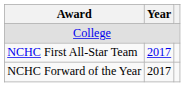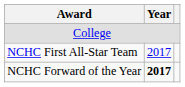 <table class="wikitable">
 <tr>
 <th>Award</th>
 <th>Year</th>
 <th></th>
 </tr>
 <tr ALIGN="center" bgcolor="#e0e0e0">
 <td colspan="3"><a href='#'>College</a></td>
 </tr>
 <tr>
 <td><a href='#'>NCHC</a> First All-Star Team</td>
 <td><a href='#'>2017</a></td>
 <td></td>
 </tr>
 <tr>
 <td>NCHC Forward of the Year</td>
-<td>2017</td>
+<td><strong>2017</strong></td>
 <td></td>
 </tr>
 </table>
